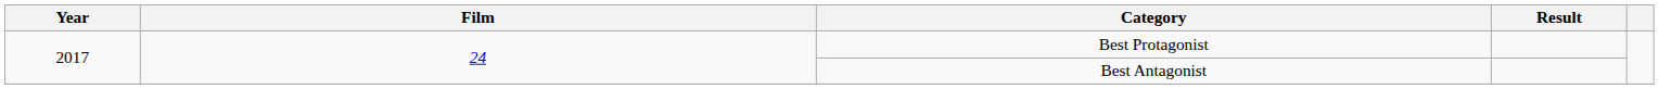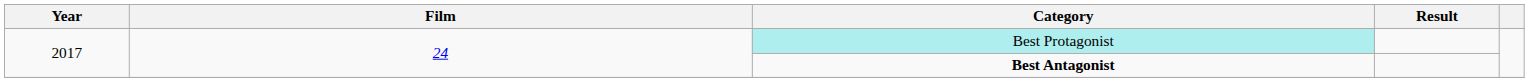 <table class="wikitable sortable" style="width:100%;">
 <tr>
 <th style="width:5%;">Year</th>
 <th style="width:25%;">Film</th>
 <th style="width:25%;">Category</th>
 <th style="width:5%;">Result</th>
 <th style="width:1%;" class="unsortable"></th>
 </tr>
 <tr>
 <td style="text-align:center;" rowspan="2">2017</td>
 <td style="text-align:center;" rowspan="2"><em><a href='#'>24</a></em></td>
-<td style="text-align:center;">Best Protagonist</td>
+<td style="background: paleturquoise; text-align:center;">Best Protagonist</td>
 <td></td>
 <td rowspan="2"></td>
 </tr>
 <tr>
-<td style="text-align:center;">Best Antagonist</td>
+<td style="text-align:center;"><strong>Best Antagonist</strong></td>
 <td></td>
 </tr>
 <tr>
 </tr>
 </table>
